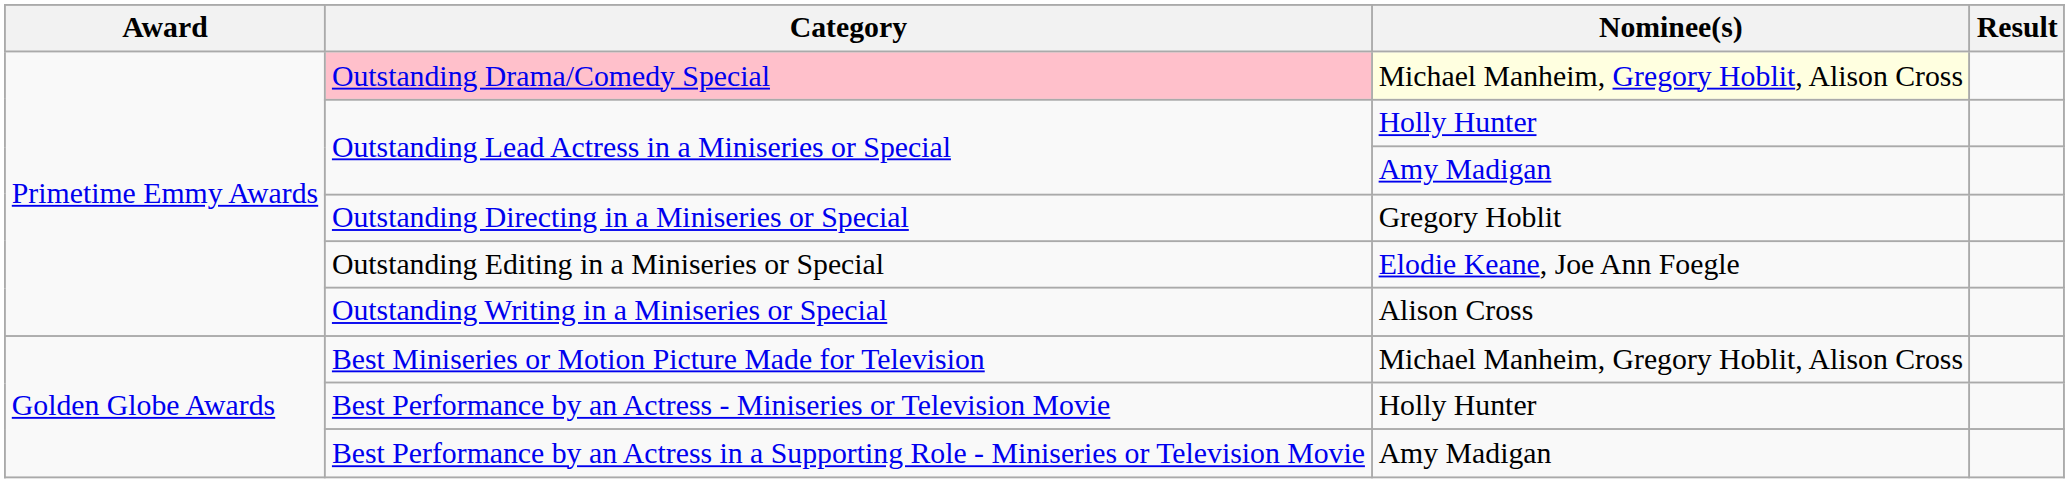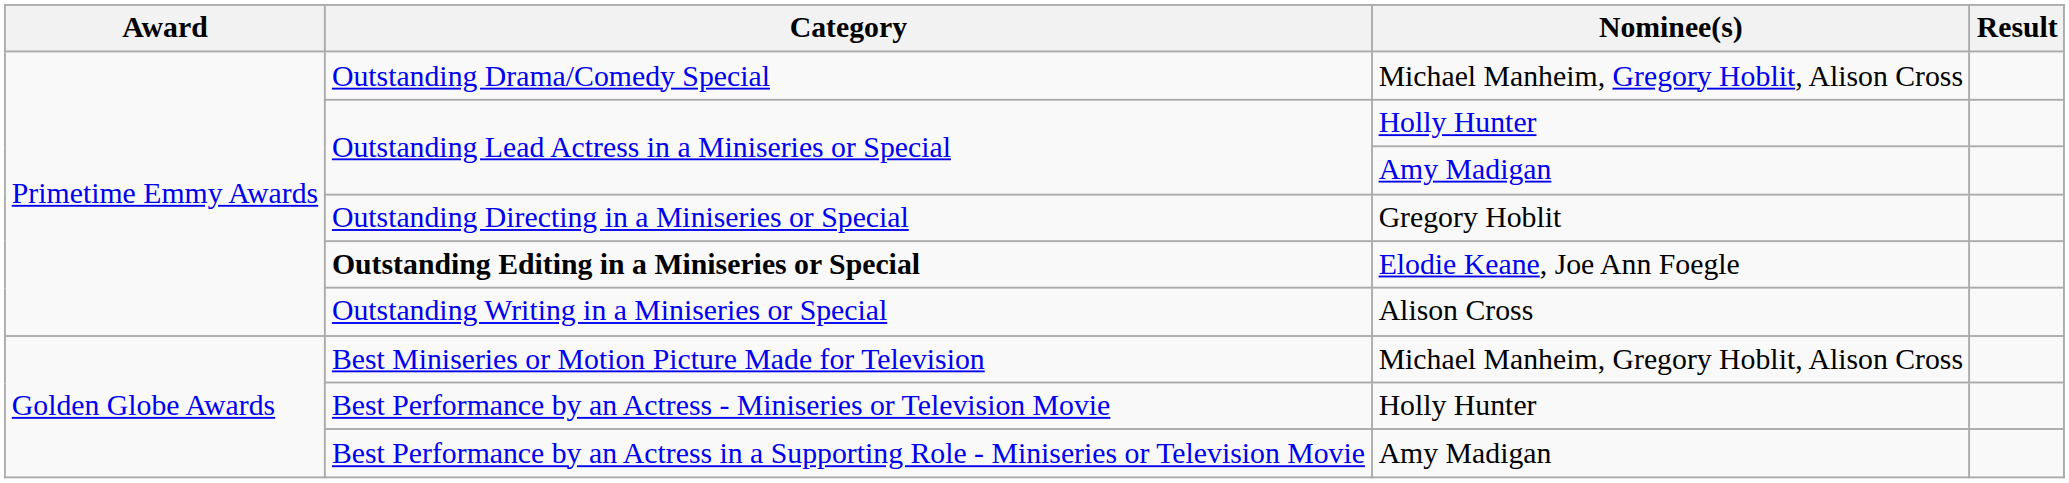 <table class="wikitable">
 <tr>
 <th>Award</th>
 <th>Category</th>
 <th>Nominee(s)</th>
 <th>Result</th>
 </tr>
 <tr>
 <td rowspan="6"><a href='#'>Primetime Emmy Awards</a></td>
-<td style="background: pink;"><a href='#'>Outstanding Drama/Comedy Special</a></td>
-<td style="background: lightyellow;">Michael Manheim, <a href='#'>Gregory Hoblit</a>, Alison Cross</td>
+<td><a href='#'>Outstanding Drama/Comedy Special</a></td>
+<td>Michael Manheim, <a href='#'>Gregory Hoblit</a>, Alison Cross</td>
 <td></td>
 </tr>
 <tr>
 <td rowspan="2"><a href='#'>Outstanding Lead Actress in a Miniseries or Special</a></td>
 <td><a href='#'>Holly Hunter</a></td>
 <td></td>
 </tr>
 <tr>
 <td><a href='#'>Amy Madigan</a></td>
 <td></td>
 </tr>
 <tr>
 <td><a href='#'>Outstanding Directing in a Miniseries or Special</a></td>
 <td>Gregory Hoblit</td>
 <td></td>
 </tr>
 <tr>
-<td>Outstanding Editing in a Miniseries or Special</td>
+<td><strong>Outstanding Editing in a Miniseries or Special</strong></td>
 <td><a href='#'>Elodie Keane</a>, Joe Ann Foegle</td>
 <td></td>
 </tr>
 <tr>
 <td><a href='#'>Outstanding Writing in a Miniseries or Special</a></td>
 <td>Alison Cross</td>
 <td></td>
 </tr>
 <tr>
 <td rowspan="3"><a href='#'>Golden Globe Awards</a></td>
 <td><a href='#'>Best Miniseries or Motion Picture Made for Television</a></td>
 <td>Michael Manheim, Gregory Hoblit, Alison Cross</td>
 <td></td>
 </tr>
 <tr>
 <td><a href='#'>Best Performance by an Actress - Miniseries or Television Movie</a></td>
 <td>Holly Hunter</td>
 <td></td>
 </tr>
 <tr>
 <td><a href='#'>Best Performance by an Actress in a Supporting Role - Miniseries or Television Movie</a></td>
 <td>Amy Madigan</td>
 <td></td>
 </tr>
 </table>
